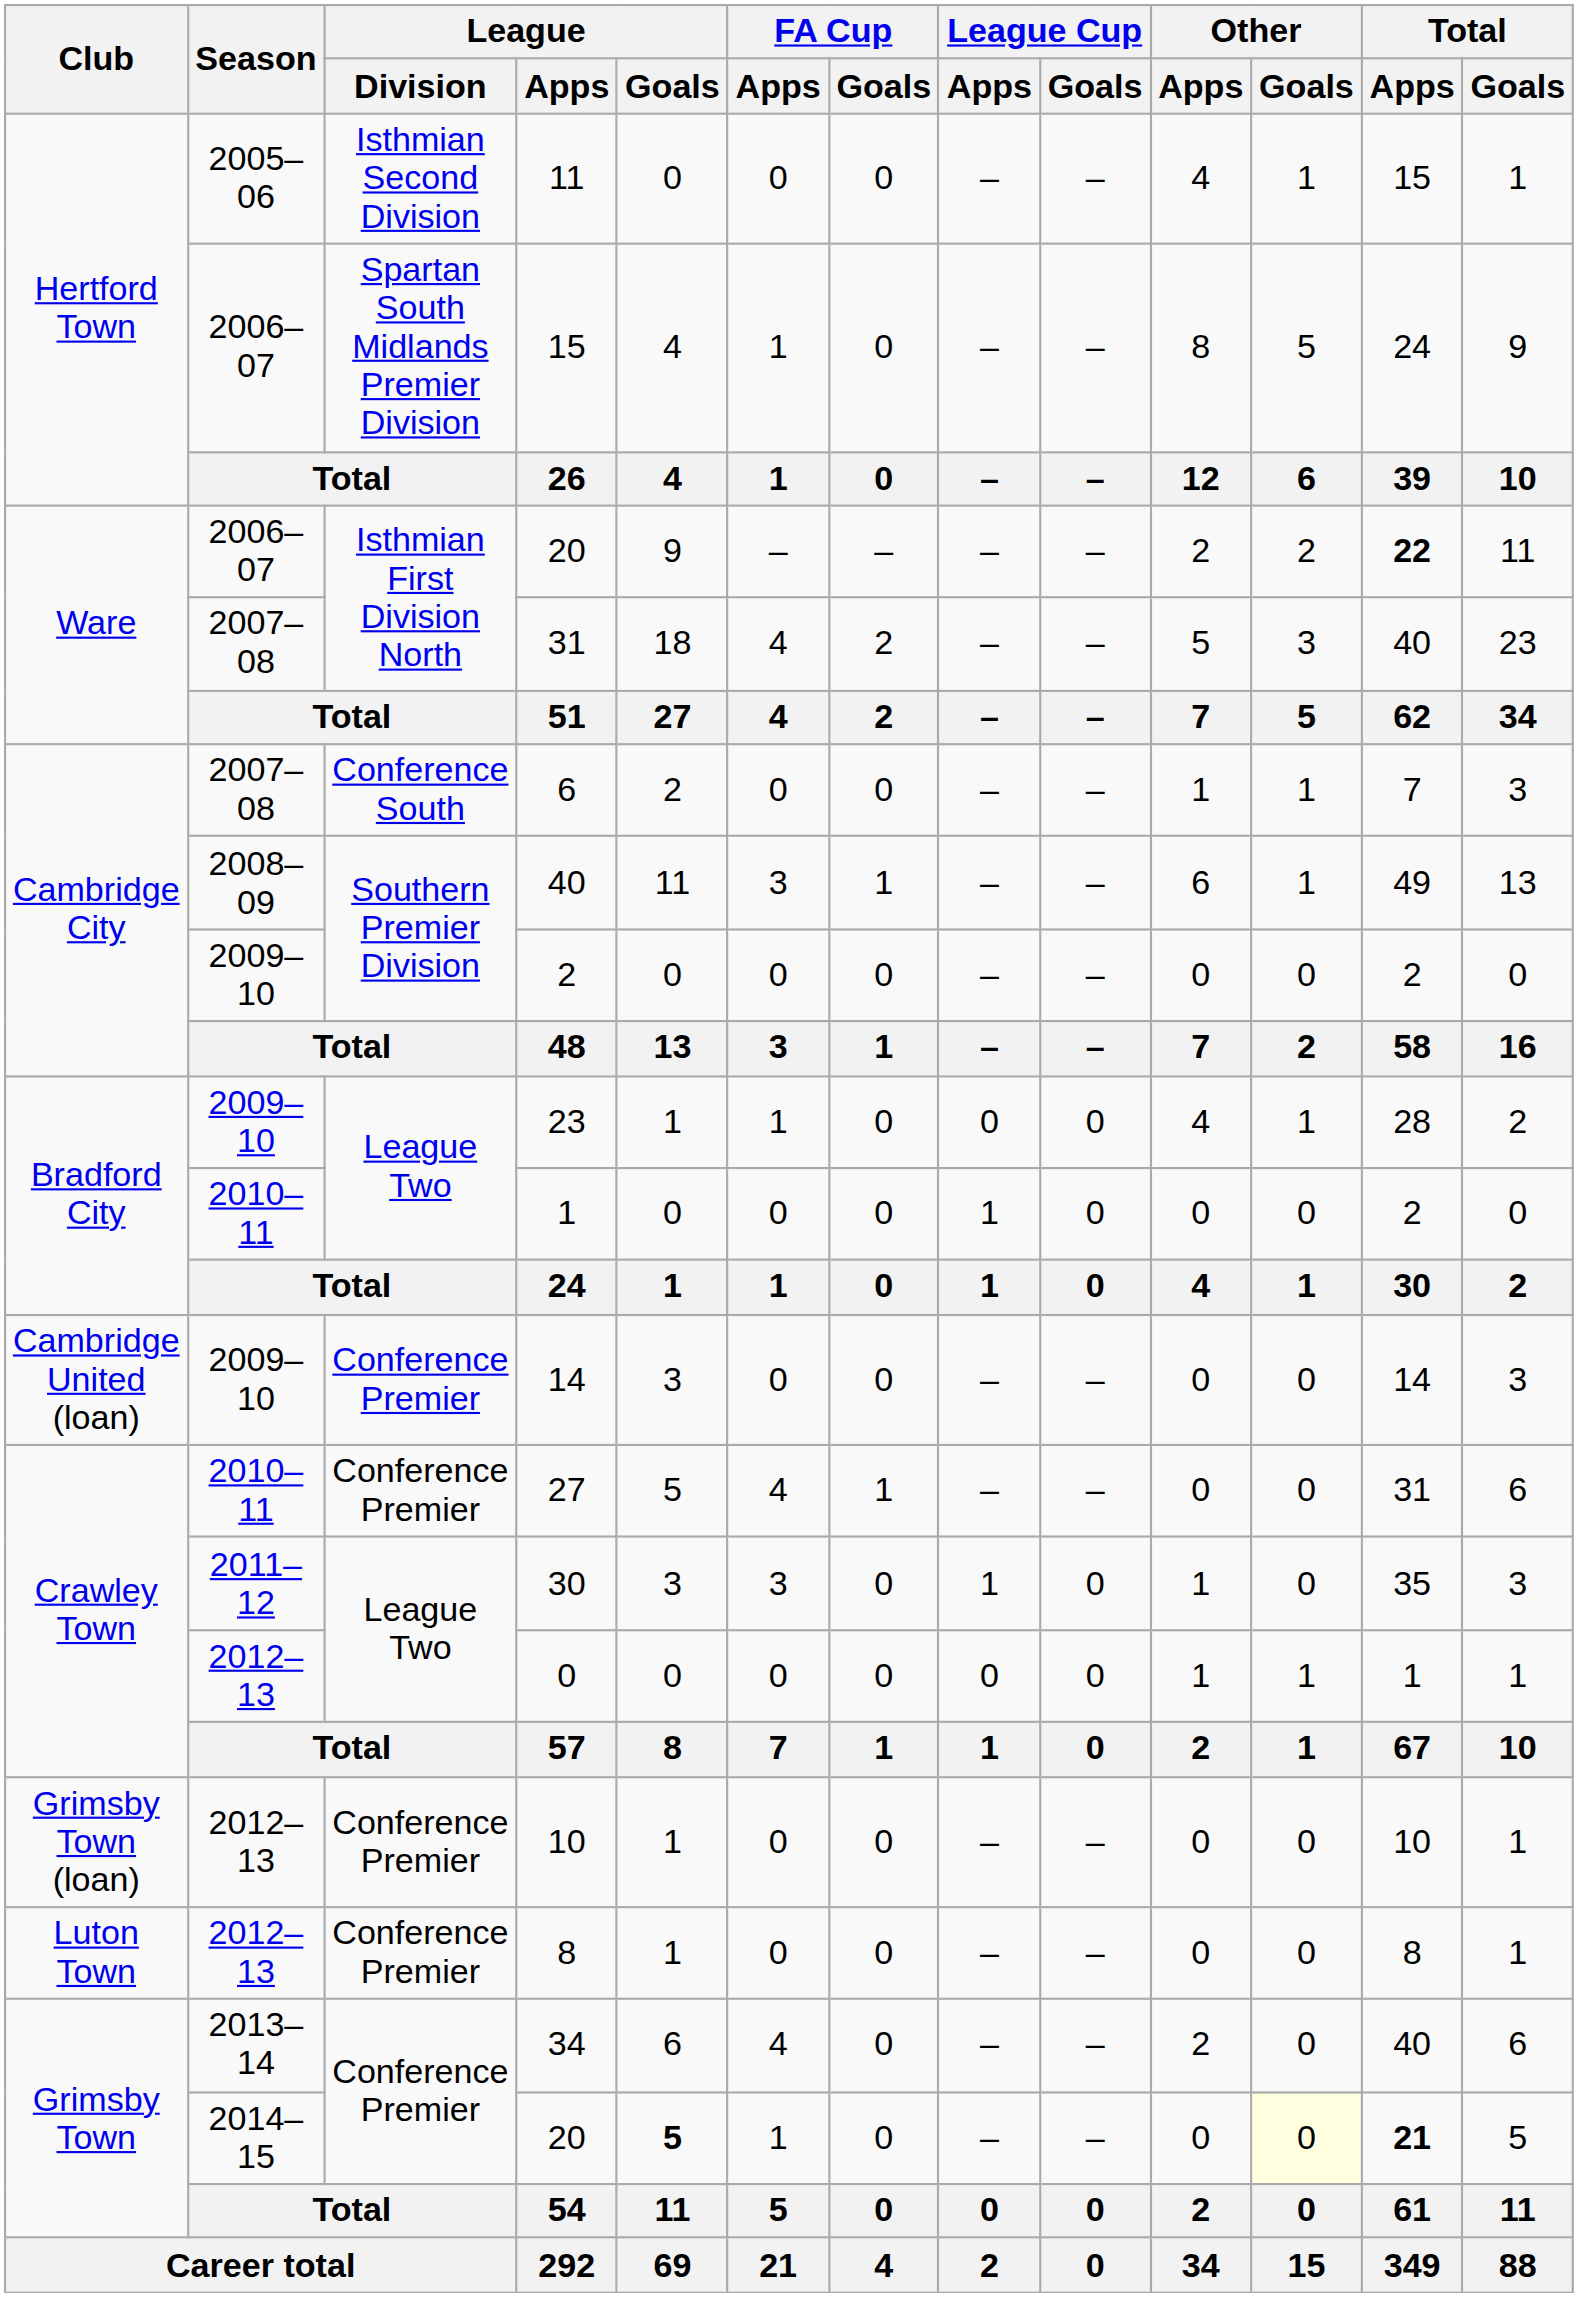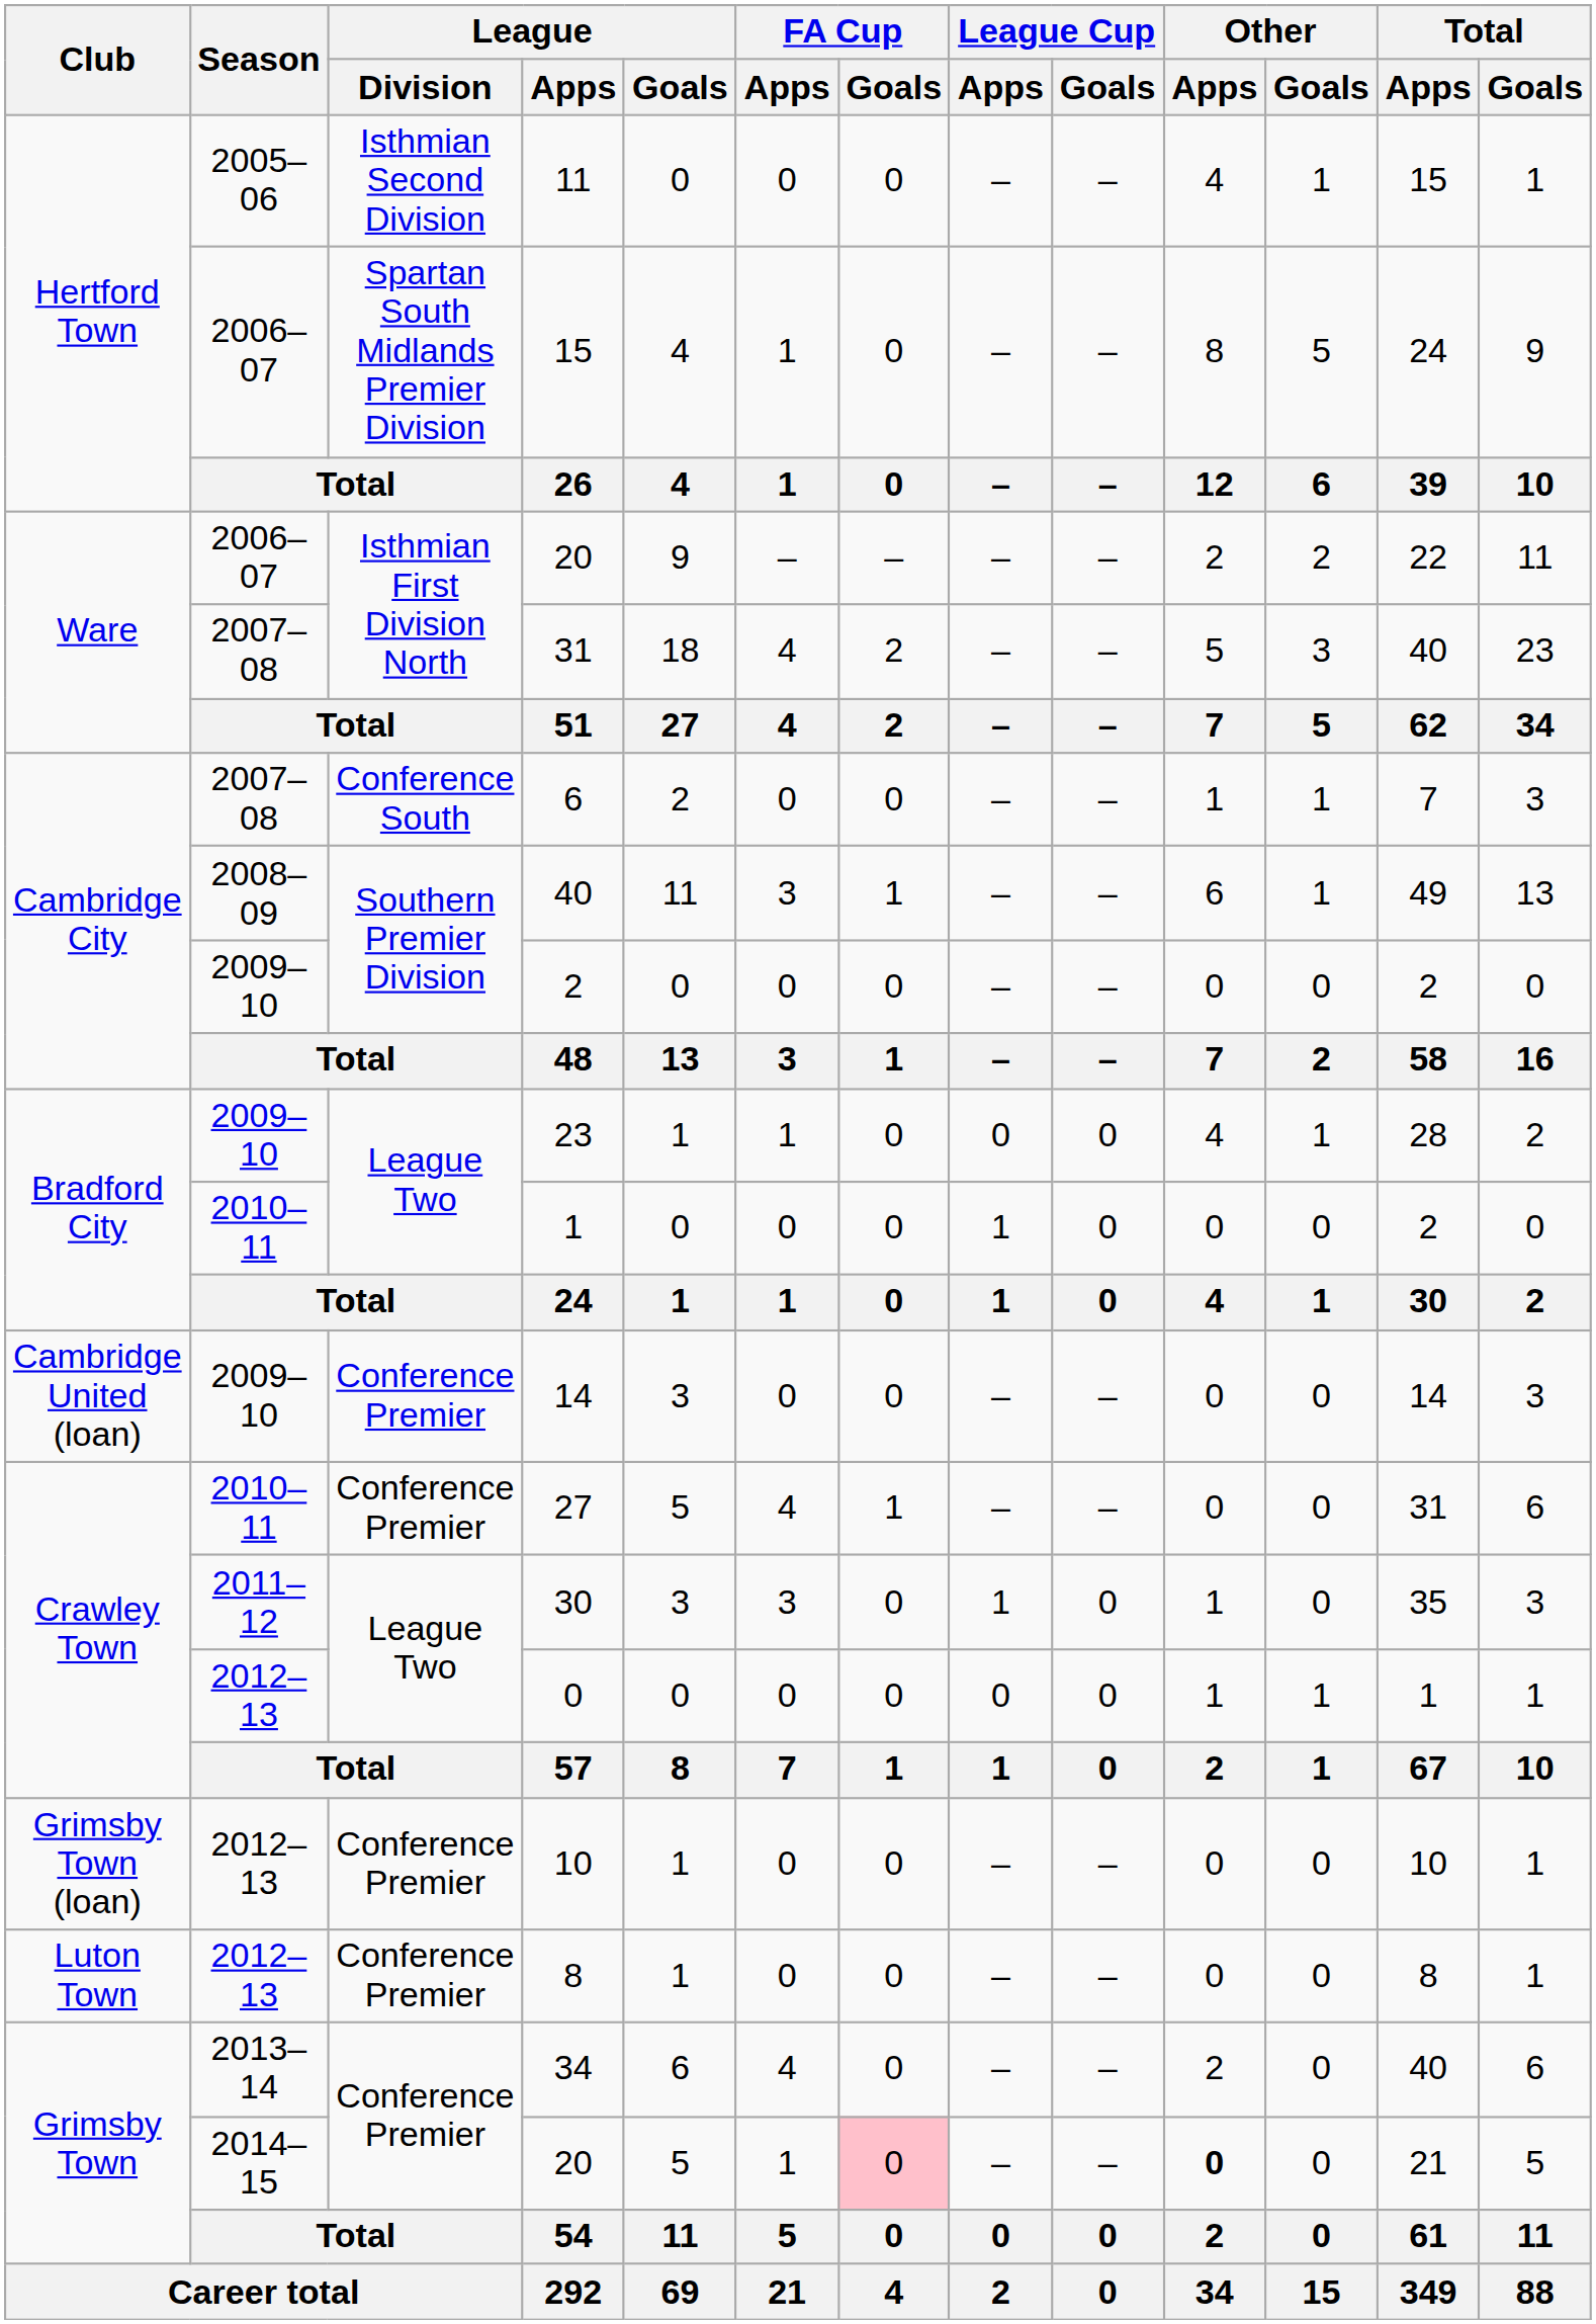 <table class="wikitable" style="text-align:center">
 <tr>
 <th rowspan="2">Club</th>
 <th rowspan="2">Season</th>
 <th colspan="3">League</th>
 <th colspan="2"><a href='#'>FA Cup</a></th>
 <th colspan="2"><a href='#'>League Cup</a></th>
 <th colspan="2">Other</th>
 <th colspan="2">Total</th>
 </tr>
 <tr>
 <th>Division</th>
 <th>Apps</th>
 <th>Goals</th>
 <th>Apps</th>
 <th>Goals</th>
 <th>Apps</th>
 <th>Goals</th>
 <th>Apps</th>
 <th>Goals</th>
 <th>Apps</th>
 <th>Goals</th>
 </tr>
 <tr>
 <td rowspan="3"><a href='#'>Hertford Town</a></td>
 <td>2005–06</td>
 <td><a href='#'>Isthmian Second Division</a></td>
 <td>11</td>
 <td>0</td>
 <td>0</td>
 <td>0</td>
 <td>–</td>
 <td>–</td>
 <td>4</td>
 <td>1</td>
 <td>15</td>
 <td>1</td>
 </tr>
 <tr>
 <td>2006–07</td>
 <td><a href='#'>Spartan South Midlands Premier Division</a></td>
 <td>15</td>
 <td>4</td>
 <td>1</td>
 <td>0</td>
 <td>–</td>
 <td>–</td>
 <td>8</td>
 <td>5</td>
 <td>24</td>
 <td>9</td>
 </tr>
 <tr>
 <th colspan="2">Total</th>
 <th>26</th>
 <th>4</th>
 <th>1</th>
 <th>0</th>
 <th>–</th>
 <th>–</th>
 <th>12</th>
 <th>6</th>
 <th>39</th>
 <th>10</th>
 </tr>
 <tr>
 <td rowspan="3"><a href='#'>Ware</a></td>
 <td>2006–07</td>
 <td rowspan="2"><a href='#'>Isthmian First Division North</a></td>
 <td>20</td>
 <td>9</td>
 <td>–</td>
 <td>–</td>
 <td>–</td>
 <td>–</td>
 <td>2</td>
 <td>2</td>
-<td><strong>22</strong></td>
+<td>22</td>
 <td>11</td>
 </tr>
 <tr>
 <td>2007–08</td>
 <td>31</td>
 <td>18</td>
 <td>4</td>
 <td>2</td>
 <td>–</td>
 <td>–</td>
 <td>5</td>
 <td>3</td>
 <td>40</td>
 <td>23</td>
 </tr>
 <tr>
 <th colspan="2">Total</th>
 <th>51</th>
 <th>27</th>
 <th>4</th>
 <th>2</th>
 <th>–</th>
 <th>–</th>
 <th>7</th>
 <th>5</th>
 <th>62</th>
 <th>34</th>
 </tr>
 <tr>
 <td rowspan="4"><a href='#'>Cambridge City</a></td>
 <td>2007–08</td>
 <td><a href='#'>Conference South</a></td>
 <td>6</td>
 <td>2</td>
 <td>0</td>
 <td>0</td>
 <td>–</td>
 <td>–</td>
 <td>1</td>
 <td>1</td>
 <td>7</td>
 <td>3</td>
 </tr>
 <tr>
 <td>2008–09</td>
 <td rowspan="2"><a href='#'>Southern Premier Division</a></td>
 <td>40</td>
 <td>11</td>
 <td>3</td>
 <td>1</td>
 <td>–</td>
 <td>–</td>
 <td>6</td>
 <td>1</td>
 <td>49</td>
 <td>13</td>
 </tr>
 <tr>
 <td>2009–10</td>
 <td>2</td>
 <td>0</td>
 <td>0</td>
 <td>0</td>
 <td>–</td>
 <td>–</td>
 <td>0</td>
 <td>0</td>
 <td>2</td>
 <td>0</td>
 </tr>
 <tr>
 <th colspan="2">Total</th>
 <th>48</th>
 <th>13</th>
 <th>3</th>
 <th>1</th>
 <th>–</th>
 <th>–</th>
 <th>7</th>
 <th>2</th>
 <th>58</th>
 <th>16</th>
 </tr>
 <tr>
 <td rowspan="3"><a href='#'>Bradford City</a></td>
 <td><a href='#'>2009–10</a></td>
 <td rowspan="2"><a href='#'>League Two</a></td>
 <td>23</td>
 <td>1</td>
 <td>1</td>
 <td>0</td>
 <td>0</td>
 <td>0</td>
 <td>4</td>
 <td>1</td>
 <td>28</td>
 <td>2</td>
 </tr>
 <tr>
 <td><a href='#'>2010–11</a></td>
 <td>1</td>
 <td>0</td>
 <td>0</td>
 <td>0</td>
 <td>1</td>
 <td>0</td>
 <td>0</td>
 <td>0</td>
 <td>2</td>
 <td>0</td>
 </tr>
 <tr>
 <th colspan="2">Total</th>
 <th>24</th>
 <th>1</th>
 <th>1</th>
 <th>0</th>
 <th>1</th>
 <th>0</th>
 <th>4</th>
 <th>1</th>
 <th>30</th>
 <th>2</th>
 </tr>
 <tr>
 <td><a href='#'>Cambridge United</a> (loan)</td>
 <td>2009–10</td>
 <td><a href='#'>Conference Premier</a></td>
 <td>14</td>
 <td>3</td>
 <td>0</td>
 <td>0</td>
 <td>–</td>
 <td>–</td>
 <td>0</td>
 <td>0</td>
 <td>14</td>
 <td>3</td>
 </tr>
 <tr>
 <td rowspan="4"><a href='#'>Crawley Town</a></td>
 <td><a href='#'>2010–11</a></td>
 <td>Conference Premier</td>
 <td>27</td>
 <td>5</td>
 <td>4</td>
 <td>1</td>
 <td>–</td>
 <td>–</td>
 <td>0</td>
 <td>0</td>
 <td>31</td>
 <td>6</td>
 </tr>
 <tr>
 <td><a href='#'>2011–12</a></td>
 <td rowspan="2">League Two</td>
 <td>30</td>
 <td>3</td>
 <td>3</td>
 <td>0</td>
 <td>1</td>
 <td>0</td>
 <td>1</td>
 <td>0</td>
 <td>35</td>
 <td>3</td>
 </tr>
 <tr>
 <td><a href='#'>2012–13</a></td>
 <td>0</td>
 <td>0</td>
 <td>0</td>
 <td>0</td>
 <td>0</td>
 <td>0</td>
 <td>1</td>
 <td>1</td>
 <td>1</td>
 <td>1</td>
 </tr>
 <tr>
 <th colspan="2">Total</th>
 <th>57</th>
 <th>8</th>
 <th>7</th>
 <th>1</th>
 <th>1</th>
 <th>0</th>
 <th>2</th>
 <th>1</th>
 <th>67</th>
 <th>10</th>
 </tr>
 <tr>
 <td><a href='#'>Grimsby Town</a> (loan)</td>
 <td>2012–13</td>
 <td>Conference Premier</td>
 <td>10</td>
 <td>1</td>
 <td>0</td>
 <td>0</td>
 <td>–</td>
 <td>–</td>
 <td>0</td>
 <td>0</td>
 <td>10</td>
 <td>1</td>
 </tr>
 <tr>
 <td><a href='#'>Luton Town</a></td>
 <td><a href='#'>2012–13</a></td>
 <td>Conference Premier</td>
 <td>8</td>
 <td>1</td>
 <td>0</td>
 <td>0</td>
 <td>–</td>
 <td>–</td>
 <td>0</td>
 <td>0</td>
 <td>8</td>
 <td>1</td>
 </tr>
 <tr>
 <td rowspan="3"><a href='#'>Grimsby Town</a></td>
 <td>2013–14</td>
 <td rowspan="2">Conference Premier</td>
 <td>34</td>
 <td>6</td>
 <td>4</td>
 <td>0</td>
 <td>–</td>
 <td>–</td>
 <td>2</td>
 <td>0</td>
 <td>40</td>
 <td>6</td>
 </tr>
 <tr>
 <td>2014–15</td>
 <td>20</td>
-<td><strong>5</strong></td>
+<td>5</td>
 <td>1</td>
-<td>0</td>
+<td style="background: pink;">0</td>
 <td>–</td>
 <td>–</td>
+<td><strong>0</strong></td>
 <td>0</td>
-<td style="background: lightyellow;">0</td>
-<td><strong>21</strong></td>
+<td>21</td>
 <td>5</td>
 </tr>
 <tr>
 <th colspan="2">Total</th>
 <th>54</th>
 <th>11</th>
 <th>5</th>
 <th>0</th>
 <th>0</th>
 <th>0</th>
 <th>2</th>
 <th>0</th>
 <th>61</th>
 <th>11</th>
 </tr>
 <tr>
 <th colspan="3">Career total</th>
 <th>292</th>
 <th>69</th>
 <th>21</th>
 <th>4</th>
 <th>2</th>
 <th>0</th>
 <th>34</th>
 <th>15</th>
 <th>349</th>
 <th>88</th>
 </tr>
 </table>
